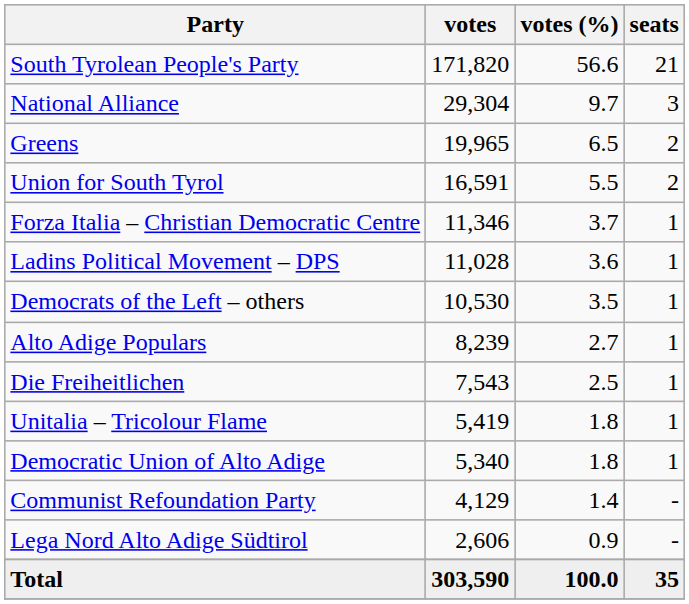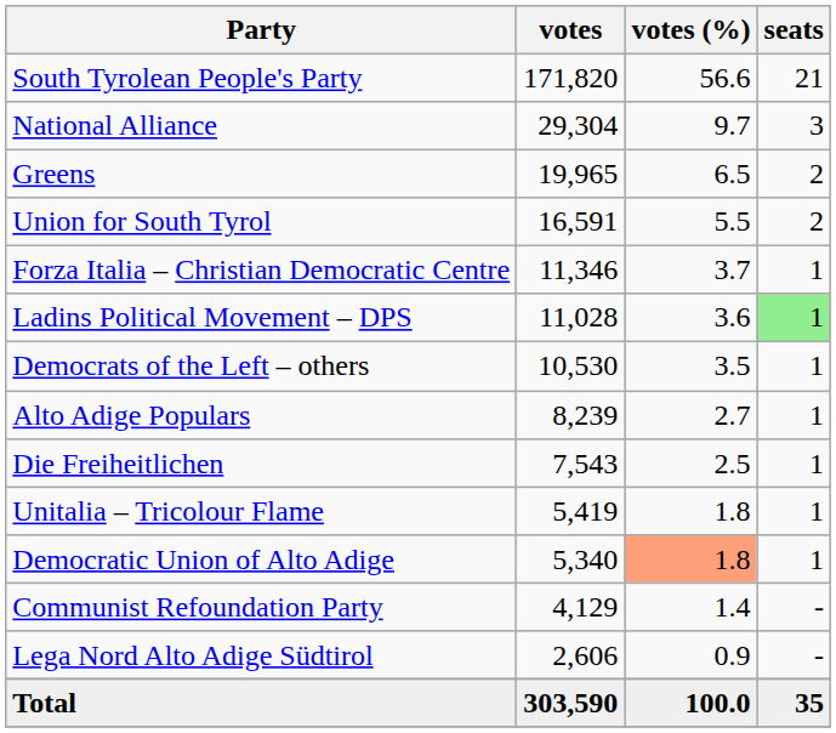 <table class="wikitable" style="font-size:95%">
 <tr bgcolor="EFEFEF">
 <th>Party</th>
 <th>votes</th>
 <th>votes (%)</th>
 <th>seats</th>
 </tr>
 <tr>
 <td><a href='#'>South Tyrolean People's Party</a></td>
 <td align=right>171,820</td>
 <td align=right>56.6</td>
 <td align=right>21</td>
 </tr>
 <tr>
 <td><a href='#'>National Alliance</a></td>
 <td align=right>29,304</td>
 <td align=right>9.7</td>
 <td align=right>3</td>
 </tr>
 <tr>
 <td><a href='#'>Greens</a></td>
 <td align=right>19,965</td>
 <td align=right>6.5</td>
 <td align=right>2</td>
 </tr>
 <tr>
 <td><a href='#'>Union for South Tyrol</a></td>
 <td align=right>16,591</td>
 <td align=right>5.5</td>
 <td align=right>2</td>
 </tr>
 <tr>
 <td><a href='#'>Forza Italia</a> – <a href='#'>Christian Democratic Centre</a></td>
 <td align=right>11,346</td>
 <td align=right>3.7</td>
 <td align=right>1</td>
 </tr>
 <tr>
 <td><a href='#'>Ladins Political Movement</a> – <a href='#'>DPS</a></td>
 <td align=right>11,028</td>
 <td align=right>3.6</td>
-<td align=right>1</td>
+<td align=right style="background: lightgreen;">1</td>
 </tr>
 <tr>
 <td><a href='#'>Democrats of the Left</a> – others</td>
 <td align=right>10,530</td>
 <td align=right>3.5</td>
 <td align=right>1</td>
 </tr>
 <tr>
 <td><a href='#'>Alto Adige Populars</a></td>
 <td align=right>8,239</td>
 <td align=right>2.7</td>
 <td align=right>1</td>
 </tr>
 <tr>
 <td><a href='#'>Die Freiheitlichen</a></td>
 <td align=right>7,543</td>
 <td align=right>2.5</td>
 <td align=right>1</td>
 </tr>
 <tr>
 <td><a href='#'>Unitalia</a> – <a href='#'>Tricolour Flame</a></td>
 <td align=right>5,419</td>
 <td align=right>1.8</td>
 <td align=right>1</td>
 </tr>
 <tr>
 <td><a href='#'>Democratic Union of Alto Adige</a></td>
 <td align=right>5,340</td>
-<td align=right>1.8</td>
+<td align=right style="background: lightsalmon;">1.8</td>
 <td align=right>1</td>
 </tr>
 <tr>
 <td><a href='#'>Communist Refoundation Party</a></td>
 <td align=right>4,129</td>
 <td align=right>1.4</td>
 <td align=right>-</td>
 </tr>
 <tr>
 <td><a href='#'>Lega Nord Alto Adige Südtirol</a></td>
 <td align=right>2,606</td>
 <td align=right>0.9</td>
 <td align=right>-</td>
 </tr>
 <tr>
 </tr>
 <tr bgcolor="EFEFEF">
 <td><strong>Total</strong></td>
 <td align=right><strong>303,590</strong></td>
 <td align=right><strong>100.0</strong></td>
 <td align=right><strong>35</strong></td>
 </tr>
 <tr>
 </tr>
 </table>
